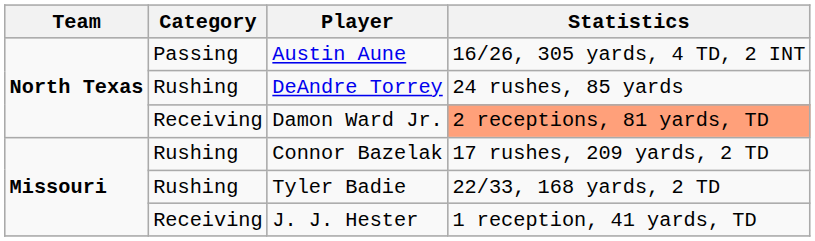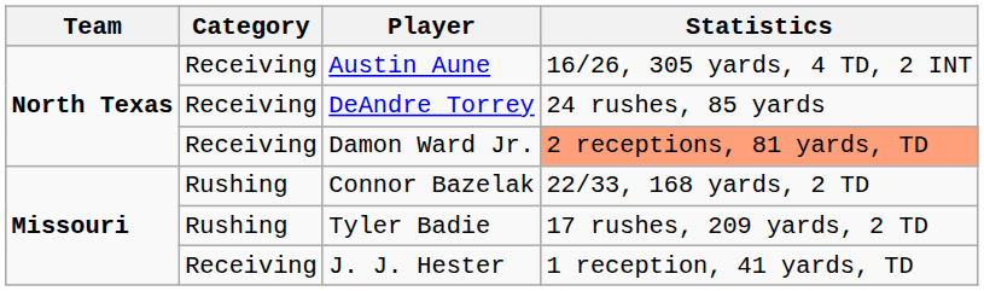 <table class="wikitable" style="float: left;">
 <tr>
 <th>Team</th>
 <th>Category</th>
 <th>Player</th>
 <th>Statistics</th>
 </tr>
 <tr>
 <td rowspan=3><strong>North Texas</strong></td>
-<td>Passing</td>
+<td>Receiving</td>
 <td><a href='#'>Austin Aune</a></td>
 <td>16/26, 305 yards, 4 TD, 2 INT</td>
 </tr>
 <tr>
-<td>Rushing</td>
+<td>Receiving</td>
 <td><a href='#'>DeAndre Torrey</a></td>
 <td>24 rushes, 85 yards</td>
 </tr>
 <tr>
 <td>Receiving</td>
 <td>Damon Ward Jr.</td>
 <td style="background: lightsalmon;">2 receptions, 81 yards, TD</td>
 </tr>
 <tr>
 <td rowspan=3><strong>Missouri</strong></td>
 <td>Rushing</td>
 <td>Connor Bazelak</td>
-<td>17 rushes, 209 yards, 2 TD</td>
+<td>22/33, 168 yards, 2 TD</td>
 </tr>
 <tr>
 <td>Rushing</td>
 <td>Tyler Badie</td>
-<td>22/33, 168 yards, 2 TD</td>
+<td>17 rushes, 209 yards, 2 TD</td>
 </tr>
 <tr>
 <td>Receiving</td>
 <td>J. J. Hester</td>
 <td>1 reception, 41 yards, TD</td>
 </tr>
 </table>
